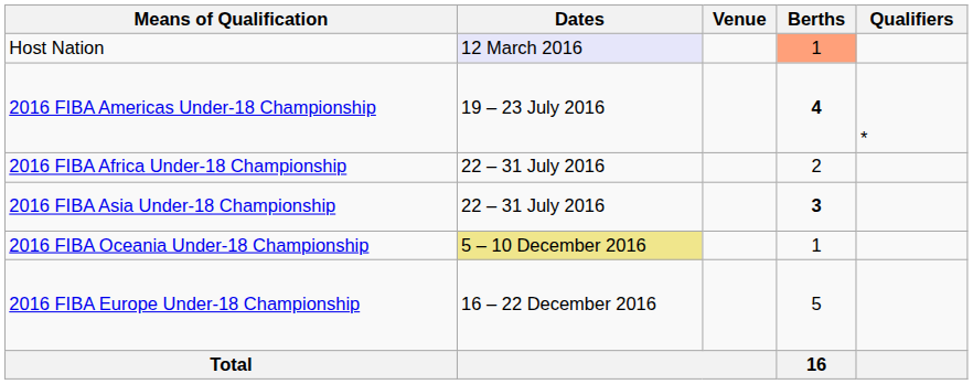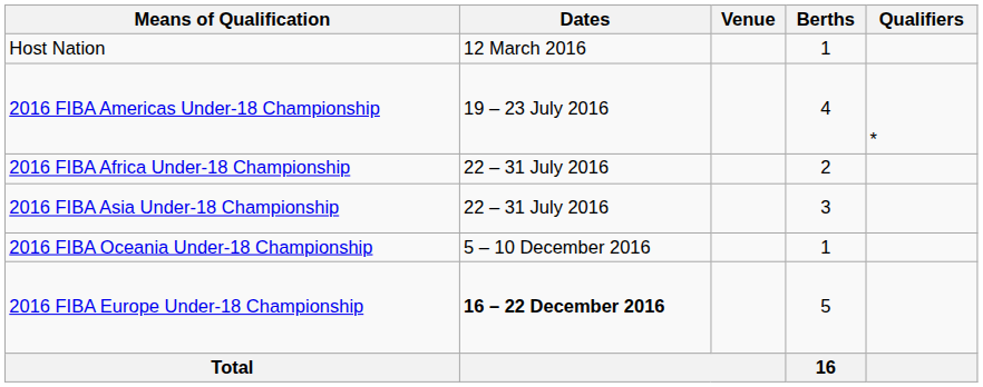 <table class="wikitable" style="width:848px;">
 <tr>
 <th>Means of Qualification</th>
 <th>Dates</th>
 <th>Venue</th>
 <th>Berths</th>
 <th>Qualifiers</th>
 </tr>
 <tr>
 <td>Host Nation</td>
-<td style="background: lavender;">12 March 2016</td>
+<td>12 March 2016</td>
 <td></td>
-<td style="background: lightsalmon; text-align:center;">1</td>
+<td style="text-align:center;">1</td>
 <td></td>
 </tr>
 <tr>
 <td><a href='#'>2016 FIBA Americas Under-18 Championship</a></td>
 <td>19 – 23 July 2016</td>
 <td></td>
-<td style="text-align:center;"><strong>4</strong></td>
+<td style="text-align:center;">4</td>
 <td><br><br><br>* </td>
 </tr>
 <tr>
 <td><a href='#'>2016 FIBA Africa Under-18 Championship</a></td>
 <td>22 – 31 July 2016</td>
 <td></td>
 <td style="text-align:center;">2</td>
 <td><br></td>
 </tr>
 <tr>
 <td><a href='#'>2016 FIBA Asia Under-18 Championship</a></td>
 <td>22 – 31 July 2016</td>
 <td></td>
-<td style="text-align:center;"><strong>3</strong></td>
+<td style="text-align:center;">3</td>
 <td><br><br></td>
 </tr>
 <tr>
 <td><a href='#'>2016 FIBA Oceania Under-18 Championship</a></td>
-<td style="background: khaki;">5 – 10 December 2016</td>
+<td>5 – 10 December 2016</td>
 <td></td>
 <td style="text-align:center;">1</td>
 <td></td>
 </tr>
 <tr>
 <td><a href='#'>2016 FIBA Europe Under-18 Championship</a></td>
-<td>16 – 22 December 2016</td>
+<td><strong>16 – 22 December 2016</strong></td>
 <td></td>
 <td style="text-align:center;">5</td>
 <td><br><br><br><br></td>
 </tr>
 <tr>
 <th>Total</th>
 <th colspan="2"></th>
 <th>16</th>
 <th></th>
 </tr>
 </table>
